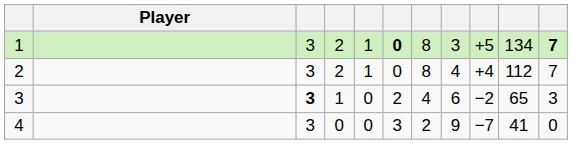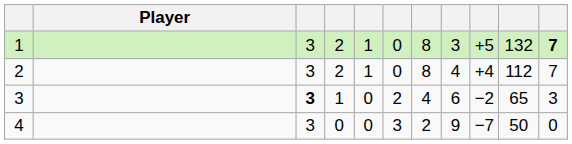 <table class="wikitable" style="text-align:center; margin: 1em auto 1em auto, align:left">
 <tr>
 <th width=20></th>
 <th width=240>Player</th>
 <th width=20></th>
 <th width=20></th>
 <th width=20></th>
 <th width=20></th>
 <th width=20></th>
 <th width=20></th>
 <th width=20></th>
 <th width=30></th>
 <th width=20></th>
 </tr>
 <tr style="background:#D0F0C0;">
 <td>1</td>
 <td align=left></td>
 <td>3</td>
 <td>2</td>
 <td>1</td>
-<td><strong>0</strong></td>
+<td>0</td>
 <td>8</td>
 <td>3</td>
 <td>+5</td>
-<td>134</td>
+<td>132</td>
 <td><strong>7</strong></td>
 </tr>
 <tr style=>
 <td>2</td>
 <td align=left></td>
 <td>3</td>
 <td>2</td>
 <td>1</td>
 <td>0</td>
 <td>8</td>
 <td>4</td>
 <td>+4</td>
 <td>112</td>
 <td>7</td>
 </tr>
 <tr style=>
 <td>3</td>
 <td align=left></td>
 <td><strong>3</strong></td>
 <td>1</td>
 <td>0</td>
 <td>2</td>
 <td>4</td>
 <td>6</td>
 <td>−2</td>
 <td>65</td>
 <td>3</td>
 </tr>
 <tr style=>
 <td>4</td>
 <td align=left></td>
 <td>3</td>
 <td>0</td>
 <td>0</td>
 <td>3</td>
 <td>2</td>
 <td>9</td>
 <td>−7</td>
-<td>41</td>
+<td>50</td>
 <td>0</td>
 </tr>
 </table>
